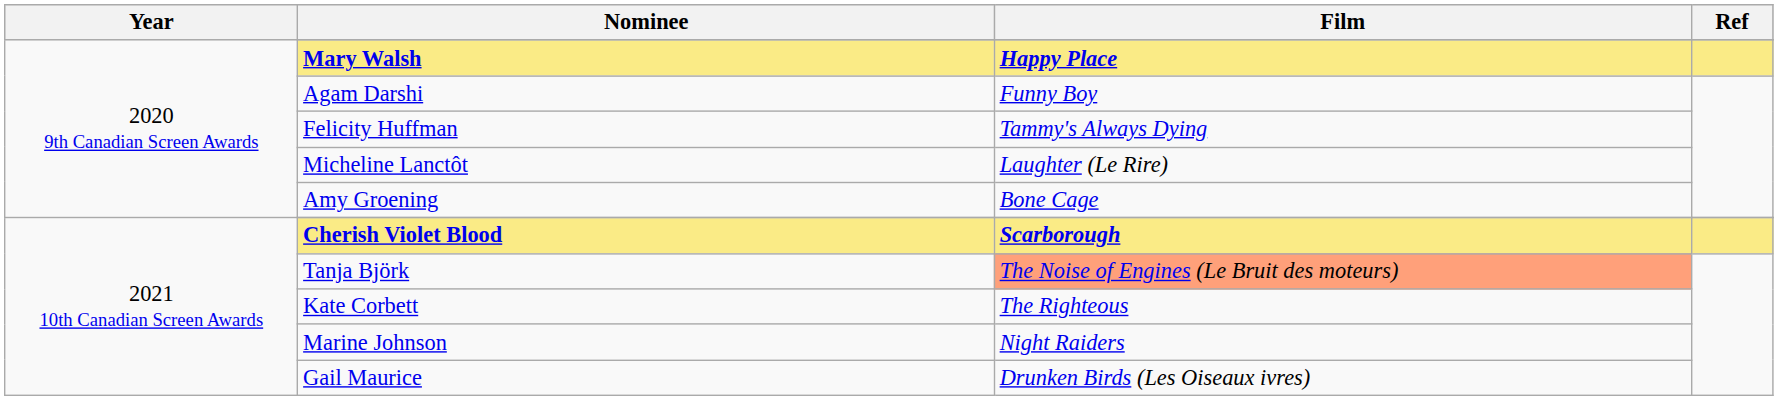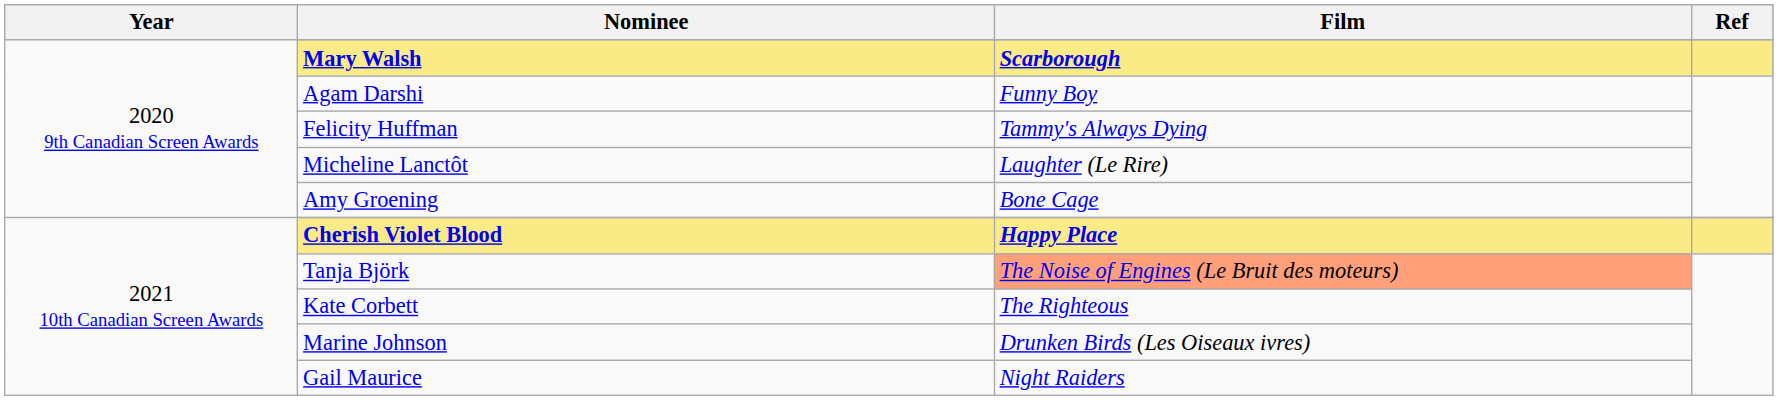 <table class="wikitable" style="width:100%;">
 <tr style="background:#bebebe;">
 <th style="width:8%;">Year</th>
 <th style="width:19%;">Nominee</th>
 <th style="width:19%;">Film</th>
 <th style="width:2%;">Ref</th>
 </tr>
 <tr>
 <td rowspan="6" align="center">2020 <br> <small><a href='#'>9th Canadian Screen Awards</a></small></td>
 </tr>
 <tr style="background:#FAEB86;">
 <td><strong><a href='#'>Mary Walsh</a></strong></td>
-<td><strong><em><a href='#'>Happy Place</a></em></strong></td>
+<td><strong><em><a href='#'>Scarborough</a></em></strong></td>
 <td></td>
 </tr>
 <tr>
 <td><a href='#'>Agam Darshi</a></td>
 <td><em><a href='#'>Funny Boy</a></em></td>
 <td rowspan=4></td>
 </tr>
 <tr>
 <td><a href='#'>Felicity Huffman</a></td>
 <td><em><a href='#'>Tammy's Always Dying</a></em></td>
 </tr>
 <tr>
 <td><a href='#'>Micheline Lanctôt</a></td>
 <td><em><a href='#'>Laughter</a> (Le Rire)</em></td>
 </tr>
 <tr>
 <td><a href='#'>Amy Groening</a></td>
 <td><em><a href='#'>Bone Cage</a></em></td>
 </tr>
 <tr>
 <td rowspan="6" align="center">2021 <br> <small><a href='#'>10th Canadian Screen Awards</a></small></td>
 </tr>
 <tr style="background:#FAEB86;">
 <td><strong><a href='#'>Cherish Violet Blood</a></strong></td>
-<td><strong><em><a href='#'>Scarborough</a></em></strong></td>
+<td><strong><em><a href='#'>Happy Place</a></em></strong></td>
 <td></td>
 </tr>
 <tr>
 <td><a href='#'>Tanja Björk</a></td>
 <td style="background: lightsalmon;"><em><a href='#'>The Noise of Engines</a> (Le Bruit des moteurs)</em></td>
 <td rowspan=4></td>
 </tr>
 <tr>
 <td><a href='#'>Kate Corbett</a></td>
 <td><em><a href='#'>The Righteous</a></em></td>
 </tr>
 <tr>
 <td><a href='#'>Marine Johnson</a></td>
-<td><em><a href='#'>Night Raiders</a></em></td>
+<td><em><a href='#'>Drunken Birds</a> (Les Oiseaux ivres)</em></td>
 </tr>
 <tr>
 <td><a href='#'>Gail Maurice</a></td>
-<td><em><a href='#'>Drunken Birds</a> (Les Oiseaux ivres)</em></td>
+<td><em><a href='#'>Night Raiders</a></em></td>
 </tr>
 </table>
